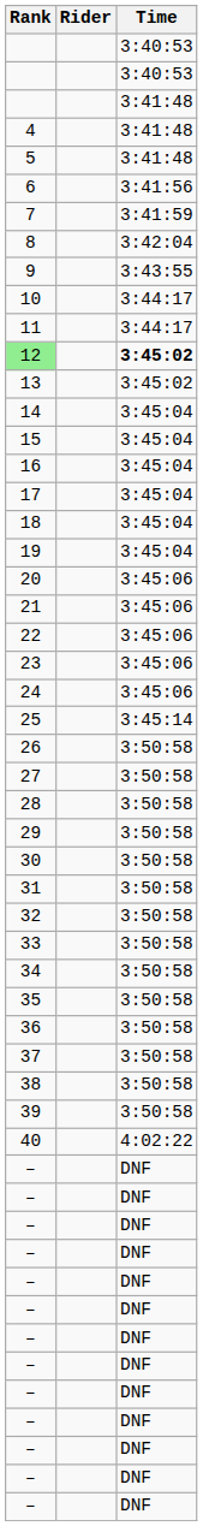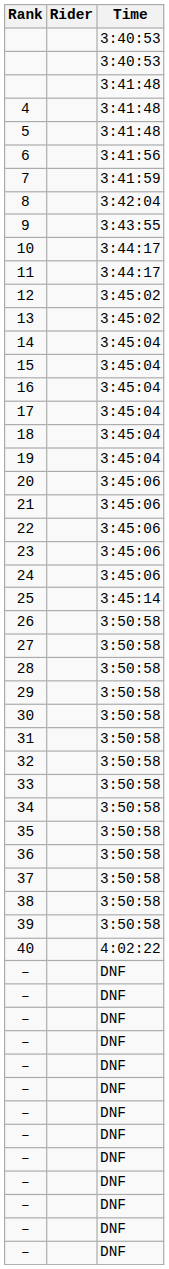 <table class="wikitable" style="font-size:95%" style="width:35em;">
 <tr>
 <th>Rank</th>
 <th>Rider</th>
 <th>Time</th>
 </tr>
 <tr>
 <td align=center></td>
 <td></td>
 <td>3:40:53</td>
 </tr>
 <tr>
 <td align=center></td>
 <td></td>
 <td>3:40:53</td>
 </tr>
 <tr>
 <td align=center></td>
 <td></td>
 <td>3:41:48</td>
 </tr>
 <tr>
 <td align=center>4</td>
 <td></td>
 <td>3:41:48</td>
 </tr>
 <tr>
 <td align=center>5</td>
 <td></td>
 <td>3:41:48</td>
 </tr>
 <tr>
 <td align=center>6</td>
 <td></td>
 <td>3:41:56</td>
 </tr>
 <tr>
 <td align=center>7</td>
 <td></td>
 <td>3:41:59</td>
 </tr>
 <tr>
 <td align=center>8</td>
 <td></td>
 <td>3:42:04</td>
 </tr>
 <tr>
 <td align=center>9</td>
 <td></td>
 <td>3:43:55</td>
 </tr>
 <tr>
 <td align=center>10</td>
 <td></td>
 <td>3:44:17</td>
 </tr>
 <tr>
 <td align=center>11</td>
 <td></td>
 <td>3:44:17</td>
 </tr>
 <tr>
-<td align=center style="background: lightgreen;">12</td>
+<td align=center>12</td>
 <td></td>
-<td><strong>3:45:02</strong></td>
+<td>3:45:02</td>
 </tr>
 <tr>
 <td align=center>13</td>
 <td></td>
 <td>3:45:02</td>
 </tr>
 <tr>
 <td align=center>14</td>
 <td></td>
 <td>3:45:04</td>
 </tr>
 <tr>
 <td align=center>15</td>
 <td></td>
 <td>3:45:04</td>
 </tr>
 <tr>
 <td align=center>16</td>
 <td></td>
 <td>3:45:04</td>
 </tr>
 <tr>
 <td align=center>17</td>
 <td></td>
 <td>3:45:04</td>
 </tr>
 <tr>
 <td align=center>18</td>
 <td></td>
 <td>3:45:04</td>
 </tr>
 <tr>
 <td align=center>19</td>
 <td></td>
 <td>3:45:04</td>
 </tr>
 <tr>
 <td align=center>20</td>
 <td></td>
 <td>3:45:06</td>
 </tr>
 <tr>
 <td align=center>21</td>
 <td></td>
 <td>3:45:06</td>
 </tr>
 <tr>
 <td align=center>22</td>
 <td></td>
 <td>3:45:06</td>
 </tr>
 <tr>
 <td align=center>23</td>
 <td></td>
 <td>3:45:06</td>
 </tr>
 <tr>
 <td align=center>24</td>
 <td></td>
 <td>3:45:06</td>
 </tr>
 <tr>
 <td align=center>25</td>
 <td></td>
 <td>3:45:14</td>
 </tr>
 <tr>
 <td align=center>26</td>
 <td></td>
 <td>3:50:58</td>
 </tr>
 <tr>
 <td align=center>27</td>
 <td></td>
 <td>3:50:58</td>
 </tr>
 <tr>
 <td align=center>28</td>
 <td></td>
 <td>3:50:58</td>
 </tr>
 <tr>
 <td align=center>29</td>
 <td></td>
 <td>3:50:58</td>
 </tr>
 <tr>
 <td align=center>30</td>
 <td></td>
 <td>3:50:58</td>
 </tr>
 <tr>
 <td align=center>31</td>
 <td></td>
 <td>3:50:58</td>
 </tr>
 <tr>
 <td align=center>32</td>
 <td></td>
 <td>3:50:58</td>
 </tr>
 <tr>
 <td align=center>33</td>
 <td></td>
 <td>3:50:58</td>
 </tr>
 <tr>
 <td align=center>34</td>
 <td></td>
 <td>3:50:58</td>
 </tr>
 <tr>
 <td align=center>35</td>
 <td></td>
 <td>3:50:58</td>
 </tr>
 <tr>
 <td align=center>36</td>
 <td></td>
 <td>3:50:58</td>
 </tr>
 <tr>
 <td align=center>37</td>
 <td></td>
 <td>3:50:58</td>
 </tr>
 <tr>
 <td align=center>38</td>
 <td></td>
 <td>3:50:58</td>
 </tr>
 <tr>
 <td align=center>39</td>
 <td></td>
 <td>3:50:58</td>
 </tr>
 <tr>
 <td align=center>40</td>
 <td></td>
 <td>4:02:22</td>
 </tr>
 <tr>
 <td align=center>–</td>
 <td></td>
 <td>DNF</td>
 </tr>
 <tr>
 <td align=center>–</td>
 <td></td>
 <td>DNF</td>
 </tr>
 <tr>
 <td align=center>–</td>
 <td></td>
 <td>DNF</td>
 </tr>
 <tr>
 <td align=center>–</td>
 <td></td>
 <td>DNF</td>
 </tr>
 <tr>
 <td align=center>–</td>
 <td></td>
 <td>DNF</td>
 </tr>
 <tr>
 <td align=center>–</td>
 <td></td>
 <td>DNF</td>
 </tr>
 <tr>
 <td align=center>–</td>
 <td></td>
 <td>DNF</td>
 </tr>
 <tr>
 <td align=center>–</td>
 <td></td>
 <td>DNF</td>
 </tr>
 <tr>
 <td align=center>–</td>
 <td></td>
 <td>DNF</td>
 </tr>
 <tr>
 <td align=center>–</td>
 <td></td>
 <td>DNF</td>
 </tr>
 <tr>
 <td align=center>–</td>
 <td></td>
 <td>DNF</td>
 </tr>
 <tr>
 <td align=center>–</td>
 <td></td>
 <td>DNF</td>
 </tr>
 <tr>
 <td align=center>–</td>
 <td></td>
 <td>DNF</td>
 </tr>
 </table>
